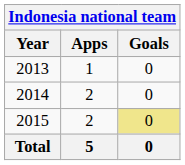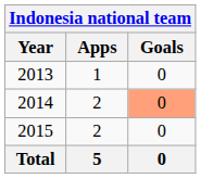 <table class="wikitable" style="text-align:center">
 <tr>
 <th colspan=3><a href='#'>Indonesia national team</a></th>
 </tr>
 <tr>
 <th>Year</th>
 <th>Apps</th>
 <th>Goals</th>
 </tr>
 <tr>
 <td>2013</td>
 <td>1</td>
 <td>0</td>
 </tr>
 <tr>
 <td>2014</td>
 <td>2</td>
-<td>0</td>
+<td style="background: lightsalmon;">0</td>
 </tr>
 <tr>
 <td>2015</td>
 <td>2</td>
-<td style="background: khaki;">0</td>
+<td>0</td>
 </tr>
 <tr>
 <th>Total</th>
 <th>5</th>
 <th>0</th>
 </tr>
 </table>
